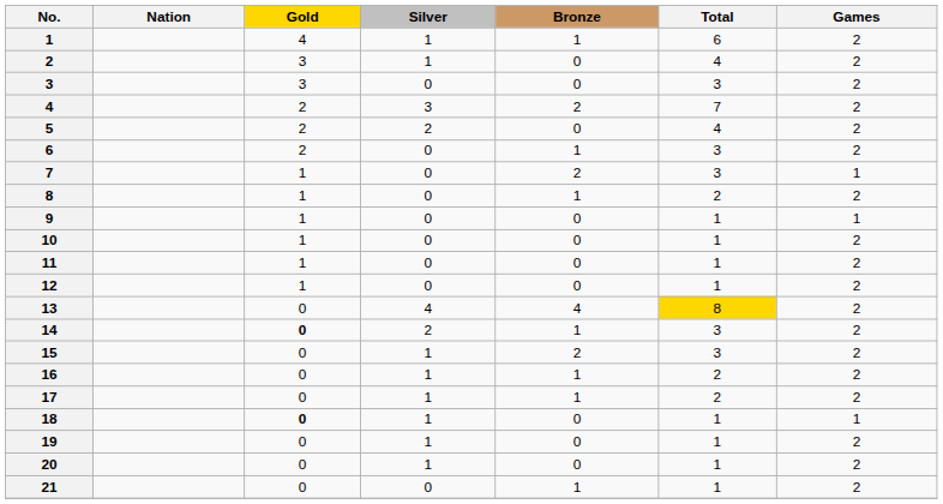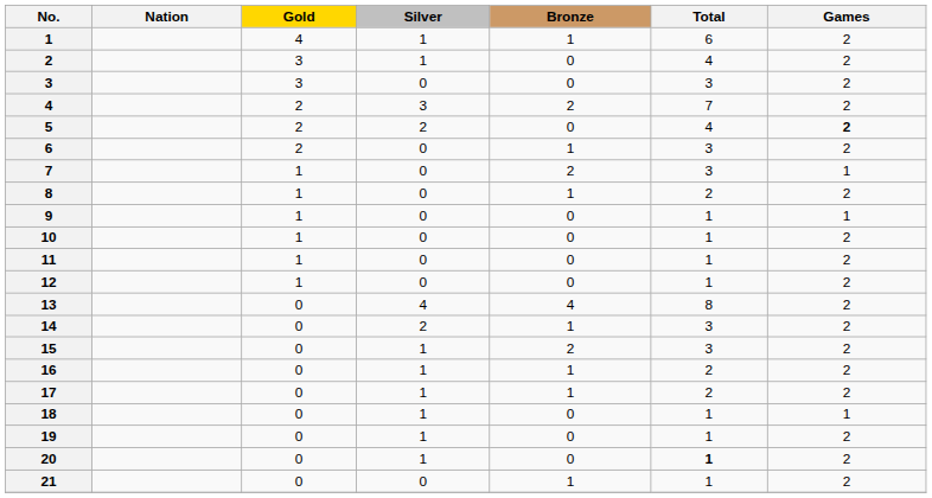 <table class="wikitable sortable" style="width:75%; font-size:90%; text-align:center;">
 <tr>
 <th>No.</th>
 <th>Nation</th>
 <th style="background-color:gold;">Gold</th>
 <th style="background-color:silver;">Silver</th>
 <th style="background-color:#c96;">Bronze</th>
 <th>Total</th>
 <th>Games</th>
 </tr>
 <tr>
 <th>1</th>
 <td align=left></td>
 <td>4</td>
 <td>1</td>
 <td>1</td>
 <td>6</td>
 <td>2</td>
 </tr>
 <tr>
 <th>2</th>
 <td align=left></td>
 <td>3</td>
 <td>1</td>
 <td>0</td>
 <td>4</td>
 <td>2</td>
 </tr>
 <tr>
 <th>3</th>
 <td align=left></td>
 <td>3</td>
 <td>0</td>
 <td>0</td>
 <td>3</td>
 <td>2</td>
 </tr>
 <tr>
 <th>4</th>
 <td align=left></td>
 <td>2</td>
 <td>3</td>
 <td>2</td>
 <td>7</td>
 <td>2</td>
 </tr>
 <tr>
 <th>5</th>
 <td align=left></td>
 <td>2</td>
 <td>2</td>
 <td>0</td>
 <td>4</td>
-<td>2</td>
+<td><strong>2</strong></td>
 </tr>
 <tr>
 <th>6</th>
 <td align=left></td>
 <td>2</td>
 <td>0</td>
 <td>1</td>
 <td>3</td>
 <td>2</td>
 </tr>
 <tr>
 <th>7</th>
 <td align=left></td>
 <td>1</td>
 <td>0</td>
 <td>2</td>
 <td>3</td>
 <td>1</td>
 </tr>
 <tr>
 <th>8</th>
 <td align=left></td>
 <td>1</td>
 <td>0</td>
 <td>1</td>
 <td>2</td>
 <td>2</td>
 </tr>
 <tr>
 <th>9</th>
 <td align=left></td>
 <td>1</td>
 <td>0</td>
 <td>0</td>
 <td>1</td>
 <td>1</td>
 </tr>
 <tr>
 <th>10</th>
 <td align=left></td>
 <td>1</td>
 <td>0</td>
 <td>0</td>
 <td>1</td>
 <td>2</td>
 </tr>
 <tr>
 <th>11</th>
 <td align=left></td>
 <td>1</td>
 <td>0</td>
 <td>0</td>
 <td>1</td>
 <td>2</td>
 </tr>
 <tr>
 <th>12</th>
 <td align=left></td>
 <td>1</td>
 <td>0</td>
 <td>0</td>
 <td>1</td>
 <td>2</td>
 </tr>
 <tr>
 <th>13</th>
 <td align=left></td>
 <td>0</td>
 <td>4</td>
 <td>4</td>
-<td style="background: gold;">8</td>
+<td>8</td>
 <td>2</td>
 </tr>
 <tr>
 <th>14</th>
 <td align=left></td>
-<td><strong>0</strong></td>
+<td>0</td>
 <td>2</td>
 <td>1</td>
 <td>3</td>
 <td>2</td>
 </tr>
 <tr>
 <th>15</th>
 <td align=left></td>
 <td>0</td>
 <td>1</td>
 <td>2</td>
 <td>3</td>
 <td>2</td>
 </tr>
 <tr>
 <th>16</th>
 <td align=left></td>
 <td>0</td>
 <td>1</td>
 <td>1</td>
 <td>2</td>
 <td>2</td>
 </tr>
 <tr>
 <th>17</th>
 <td align=left></td>
 <td>0</td>
 <td>1</td>
 <td>1</td>
 <td>2</td>
 <td>2</td>
 </tr>
 <tr>
 <th>18</th>
 <td align=left></td>
-<td><strong>0</strong></td>
+<td>0</td>
 <td>1</td>
 <td>0</td>
 <td>1</td>
 <td>1</td>
 </tr>
 <tr>
 <th>19</th>
 <td align=left></td>
 <td>0</td>
 <td>1</td>
 <td>0</td>
 <td>1</td>
 <td>2</td>
 </tr>
 <tr>
 <th>20</th>
 <td align=left></td>
 <td>0</td>
 <td>1</td>
 <td>0</td>
-<td>1</td>
+<td><strong>1</strong></td>
 <td>2</td>
 </tr>
 <tr>
 <th>21</th>
 <td align=left></td>
 <td>0</td>
 <td>0</td>
 <td>1</td>
 <td>1</td>
 <td>2</td>
 </tr>
 <tr>
 </tr>
 </table>
